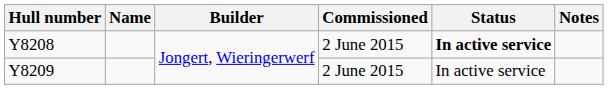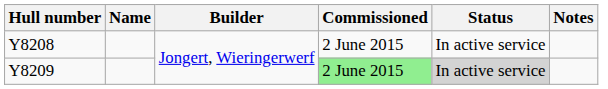 <table class="wikitable">
 <tr>
 <th>Hull number</th>
 <th>Name</th>
 <th>Builder</th>
 <th>Commissioned</th>
 <th>Status</th>
 <th>Notes</th>
 </tr>
 <tr>
 <td>Y8208</td>
 <td></td>
 <td rowspan=2 align=center><a href='#'>Jongert</a>, <a href='#'>Wieringerwerf</a></td>
 <td>2 June 2015</td>
-<td><strong>In active service</strong></td>
+<td>In active service</td>
 <td></td>
 </tr>
 <tr>
 <td>Y8209</td>
 <td></td>
-<td>2 June 2015</td>
-<td>In active service</td>
+<td style="background: lightgreen;">2 June 2015</td>
+<td style="background: lightgrey;">In active service</td>
 <td></td>
 </tr>
 </table>
